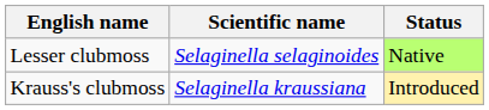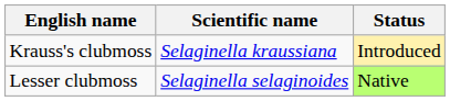 <table class="wikitable" |>
 <tr>
 <th>English name</th>
 <th>Scientific name</th>
 <th>Status</th>
 </tr>
 <tr>
+<td>Krauss's clubmoss</td>
+<td><em><a href='#'>Selaginella kraussiana</a></em></td>
+<td style="background: #FFF2AE; text-align: ">Introduced</td>
+</tr>
+<tr>
 <td>Lesser clubmoss</td>
 <td><em><a href='#'>Selaginella selaginoides</a></em></td>
 <td style="background: #B9FF72; text-align: ">Native</td>
 </tr>
-<tr>
-<td>Krauss's clubmoss</td>
-<td><em><a href='#'>Selaginella kraussiana</a></em></td>
-<td style="background: #FFF2AE; text-align: ">Introduced</td>
-</tr>
 </table>
